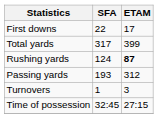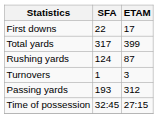 <table class="wikitable" style="float: left;">
 <tr>
 <th>Statistics</th>
 <th>SFA</th>
 <th>ETAM</th>
 </tr>
 <tr>
 <td>First downs</td>
 <td>22</td>
 <td>17</td>
 </tr>
 <tr>
 <td>Total yards</td>
 <td>317</td>
 <td>399</td>
 </tr>
 <tr>
 <td>Rushing yards</td>
 <td>124</td>
-<td><strong>87</strong></td>
+<td>87</td>
+</tr>
+<tr>
+<td>Turnovers</td>
+<td>1</td>
+<td>3</td>
 </tr>
 <tr>
 <td>Passing yards</td>
 <td>193</td>
 <td>312</td>
-</tr>
-<tr>
-<td>Turnovers</td>
-<td>1</td>
-<td>3</td>
 </tr>
 <tr>
 <td>Time of possession</td>
 <td>32:45</td>
 <td>27:15</td>
 </tr>
 <tr>
 </tr>
 </table>
